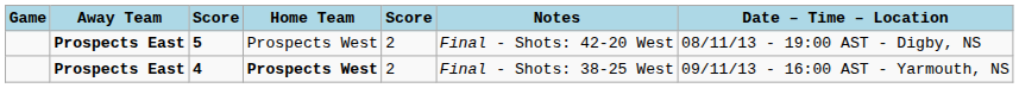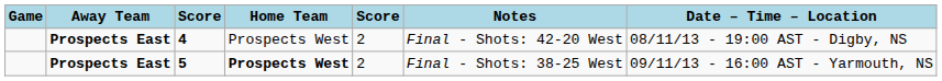 <table class="wikitable">
 <tr>
 <th style="background:lightblue;">Game</th>
 <th style="background:lightblue;">Away Team</th>
 <th style="background:lightblue;">Score</th>
 <th style="background:lightblue;">Home Team</th>
 <th style="background:lightblue;">Score</th>
 <th style="background:lightblue;">Notes</th>
 <th style="background:lightblue;">Date – Time – Location</th>
 </tr>
 <tr>
 <td></td>
 <td><strong>Prospects East</strong></td>
-<td><strong>5</strong></td>
+<td><strong>4</strong></td>
 <td>Prospects West</td>
 <td>2</td>
 <td><em>Final</em> - Shots: 42-20 West</td>
 <td>08/11/13 - 19:00 AST - Digby, NS</td>
 </tr>
 <tr>
 <td></td>
 <td><strong>Prospects East</strong></td>
-<td><strong>4</strong></td>
+<td><strong>5</strong></td>
 <td><strong>Prospects West</strong></td>
 <td>2</td>
 <td><em>Final</em> - Shots: 38-25 West</td>
 <td>09/11/13 - 16:00 AST - Yarmouth, NS</td>
 </tr>
 </table>
